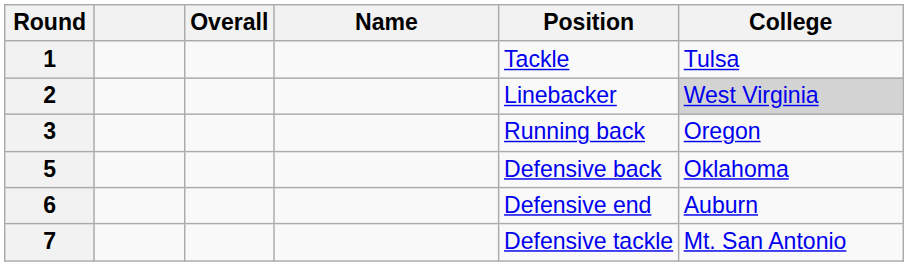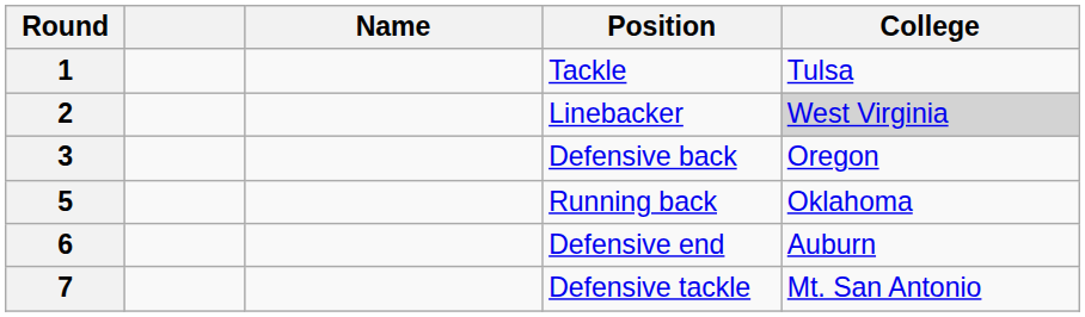 <table class="wikitable sortable">
 <tr>
 <th scope="col" style="width: 10%;">Round</th>
 <th scope="col" style="width: 10%;"></th>
-<th scope="col" style="width: 10%;">Overall</th>
 <th scope="col" style="width: 25%;">Name</th>
 <th scope="col" style="width: 20%;">Position</th>
 <th scope="col" style="width: 25%;">College</th>
 </tr>
 <tr>
 <th scope="row">1</th>
-<td></td>
 <td></td>
 <td></td>
 <td><a href='#'>Tackle</a></td>
 <td><a href='#'>Tulsa</a></td>
 </tr>
 <tr>
 <th scope="row">2</th>
 <td></td>
 <td></td>
-<td></td>
 <td><a href='#'>Linebacker</a></td>
 <td style="background: lightgrey;"><a href='#'>West Virginia</a></td>
 </tr>
 <tr>
 <th scope="row">3</th>
 <td></td>
 <td></td>
-<td></td>
-<td><a href='#'>Running back</a></td>
+<td><a href='#'>Defensive back</a></td>
 <td><a href='#'>Oregon</a></td>
 </tr>
 <tr>
 <th scope="row">5</th>
 <td></td>
 <td></td>
-<td></td>
-<td><a href='#'>Defensive back</a></td>
+<td><a href='#'>Running back</a></td>
 <td><a href='#'>Oklahoma</a></td>
 </tr>
 <tr>
 <th scope="row">6</th>
-<td></td>
 <td></td>
 <td></td>
 <td><a href='#'>Defensive end</a></td>
 <td><a href='#'>Auburn</a></td>
 </tr>
 <tr>
 <th scope="row">7</th>
 <td></td>
 <td></td>
-<td></td>
 <td><a href='#'>Defensive tackle</a></td>
 <td><a href='#'>Mt. San Antonio</a></td>
 </tr>
 </table>
